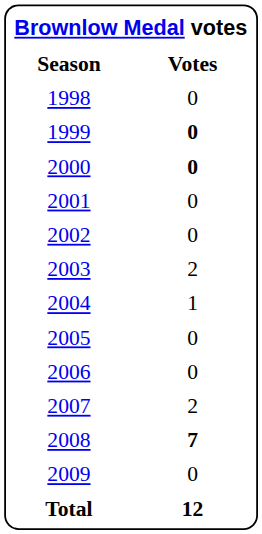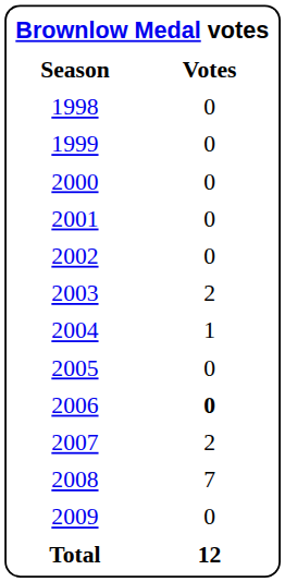 <table style="margin-right: 4px; margin-top: 8px; float: right; border: 1px #000000 solid; border-radius: 8px; background: #FFFFFF; font-family: Verdana; font-size: 9pt; text-align: center;">
 <tr style="background:#FFFFFF;">
 <td colspan=2; style="padding: 3px; margin-bottom: -3px; margin-top: 2px; font-family: Arial; background:#FFFFFF;"><strong><a href='#'>Brownlow Medal</a> votes</strong></td>
 </tr>
 <tr>
 <th width=50%>Season</th>
 <th width=50%>Votes</th>
 </tr>
 <tr>
 <td><a href='#'>1998</a></td>
 <td>0</td>
 </tr>
 <tr>
 <td><a href='#'>1999</a></td>
-<td><strong>0</strong></td>
+<td>0</td>
 </tr>
 <tr>
 <td><a href='#'>2000</a></td>
-<td><strong>0</strong></td>
+<td>0</td>
 </tr>
 <tr>
 <td><a href='#'>2001</a></td>
 <td>0</td>
 </tr>
 <tr>
 <td><a href='#'>2002</a></td>
 <td>0</td>
 </tr>
 <tr>
 <td><a href='#'>2003</a></td>
 <td>2</td>
 </tr>
 <tr>
 <td><a href='#'>2004</a></td>
 <td>1</td>
 </tr>
 <tr>
 <td><a href='#'>2005</a></td>
 <td>0</td>
 </tr>
 <tr>
 <td><a href='#'>2006</a></td>
-<td>0</td>
+<td><strong>0</strong></td>
 </tr>
 <tr>
 <td><a href='#'>2007</a></td>
 <td>2</td>
 </tr>
 <tr>
 <td><a href='#'>2008</a></td>
-<td><strong>7</strong></td>
+<td>7</td>
 </tr>
 <tr>
 <td><a href='#'>2009</a></td>
 <td>0</td>
 </tr>
 <tr>
 <td><strong>Total</strong></td>
 <td><strong>12</strong></td>
 </tr>
 </table>
